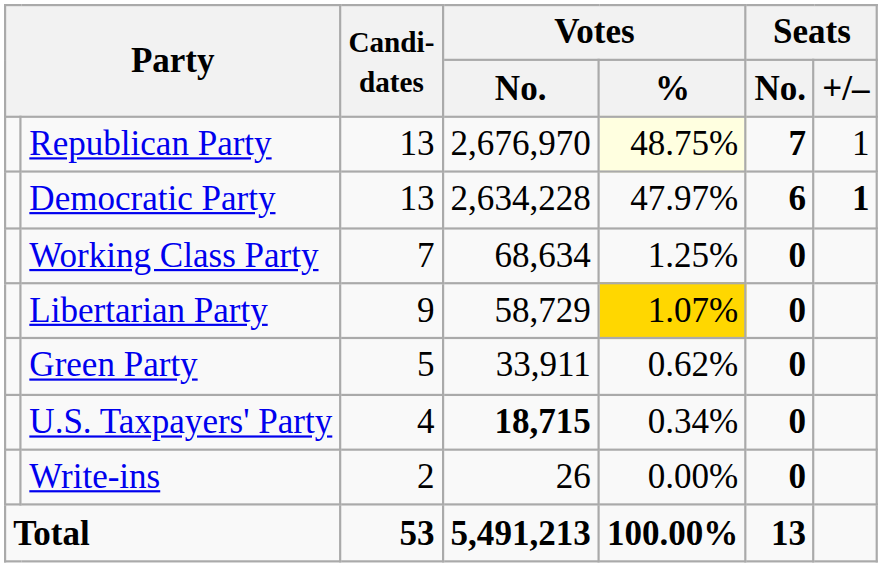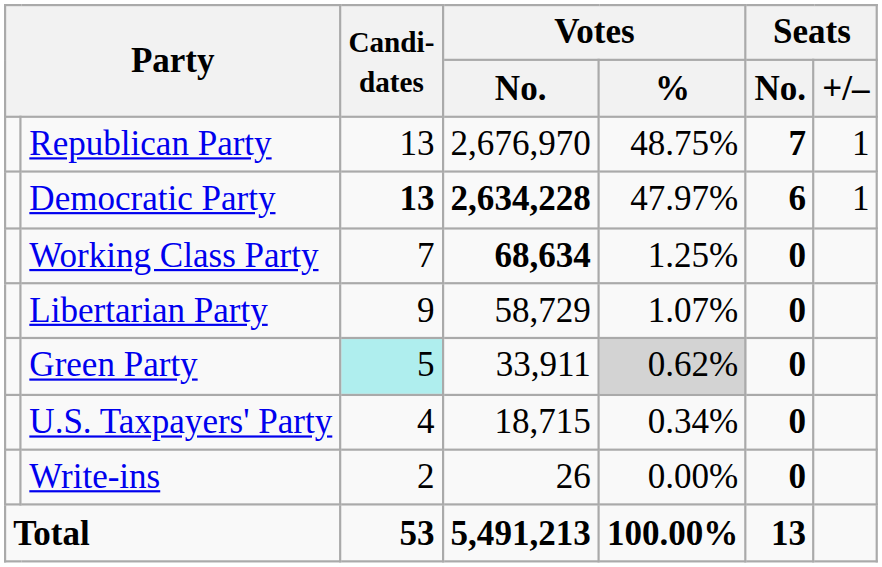 <table class="wikitable" style="font-size:100%; text-align:right;">
 <tr>
 <th colspan=2 rowspan=2>Party</th>
 <th rowspan=2><small>Candi-<br>dates</small></th>
 <th colspan=2>Votes</th>
 <th colspan=2>Seats</th>
 </tr>
 <tr>
 <th>No.</th>
 <th>%</th>
 <th>No.</th>
 <th>+/–</th>
 </tr>
 <tr>
 <td style="background:"></td>
 <td align=left><a href='#'>Republican Party</a></td>
 <td>13</td>
 <td>2,676,970</td>
-<td style="background: lightyellow;">48.75%</td>
+<td>48.75%</td>
 <td><strong>7</strong></td>
 <td>1</td>
 </tr>
 <tr>
 <td style="background:"></td>
 <td align=left><a href='#'>Democratic Party</a></td>
-<td>13</td>
-<td>2,634,228</td>
+<td><strong>13</strong></td>
+<td><strong>2,634,228</strong></td>
 <td>47.97%</td>
 <td><strong>6</strong></td>
-<td><strong>1</strong></td>
+<td>1</td>
 </tr>
 <tr>
 <td style="background:"></td>
 <td align=left><a href='#'>Working Class Party</a></td>
 <td>7</td>
-<td>68,634</td>
+<td><strong>68,634</strong></td>
 <td>1.25%</td>
 <td><strong>0</strong></td>
 <td></td>
 </tr>
 <tr>
 <td style="background:"></td>
 <td align=left><a href='#'>Libertarian Party</a></td>
 <td>9</td>
 <td>58,729</td>
-<td style="background: gold;">1.07%</td>
+<td>1.07%</td>
 <td><strong>0</strong></td>
 <td></td>
 </tr>
 <tr>
 <td style="background:"></td>
 <td align=left><a href='#'>Green Party</a></td>
-<td>5</td>
+<td style="background: paleturquoise;">5</td>
 <td>33,911</td>
-<td>0.62%</td>
+<td style="background: lightgrey;">0.62%</td>
 <td><strong>0</strong></td>
 <td></td>
 </tr>
 <tr>
 <td style="background:"></td>
 <td align=left><a href='#'>U.S. Taxpayers' Party</a></td>
 <td>4</td>
-<td><strong>18,715</strong></td>
+<td>18,715</td>
 <td>0.34%</td>
 <td><strong>0</strong></td>
 <td></td>
 </tr>
 <tr>
 <td style="background:"></td>
 <td align=left><a href='#'>Write-ins</a></td>
 <td>2</td>
 <td>26</td>
 <td>0.00%</td>
 <td><strong>0</strong></td>
 <td></td>
 </tr>
 <tr style="font-weight:bold">
 <td colspan=2 align=left>Total</td>
 <td>53</td>
 <td>5,491,213</td>
 <td>100.00%</td>
 <td>13</td>
 <td></td>
 </tr>
 </table>
